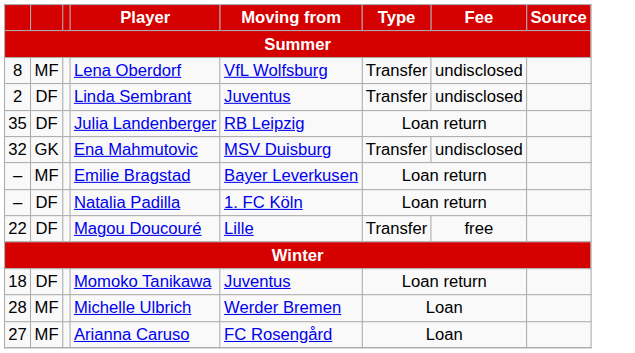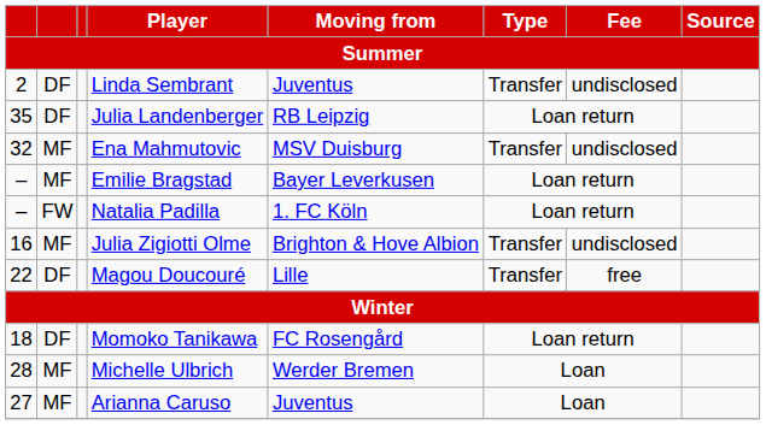 <table class="wikitable plainrowheaders sortable" style="text-align:center">
 <tr>
 <th style="background:#D50000; color:#FFFFFF; "></th>
 <th style="background:#D50000; color:#FFFFFF; "></th>
 <th style="background:#D50000; color:#FFFFFF; "></th>
 <th style="background:#D50000; color:#FFFFFF; ">Player</th>
 <th style="background:#D50000; color:#FFFFFF; ">Moving from</th>
 <th style="background:#D50000; color:#FFFFFF; ">Type</th>
 <th style="background:#D50000; color:#FFFFFF; ">Fee</th>
 <th style="background:#D50000; color:#FFFFFF; ">Source</th>
 </tr>
 <tr>
 <th colspan=8 style="background:#D50000; color:#FFFFFF; ">Summer</th>
-</tr>
-<tr>
-<td>8</td>
-<td>MF</td>
-<td></td>
-<td align="left"><a href='#'>Lena Oberdorf</a></td>
-<td align="left"> <a href='#'>VfL Wolfsburg</a></td>
-<td>Transfer</td>
-<td>undisclosed</td>
-<td></td>
 </tr>
 <tr>
 <td>2</td>
 <td>DF</td>
 <td></td>
 <td align="left"><a href='#'>Linda Sembrant</a></td>
 <td align="left"> <a href='#'>Juventus</a></td>
 <td>Transfer</td>
 <td>undisclosed</td>
 <td></td>
 </tr>
 <tr>
 <td>35</td>
 <td>DF</td>
 <td></td>
 <td align="left"><a href='#'>Julia Landenberger</a></td>
 <td align="left"> <a href='#'>RB Leipzig</a></td>
 <td colspan=2>Loan return</td>
 <td></td>
 </tr>
 <tr>
 <td>32</td>
-<td>GK</td>
+<td>MF</td>
 <td></td>
 <td align="left"><a href='#'>Ena Mahmutovic</a></td>
 <td align="left"> <a href='#'>MSV Duisburg</a></td>
 <td>Transfer</td>
 <td>undisclosed</td>
 <td></td>
 </tr>
 <tr>
 <td>–</td>
 <td>MF</td>
 <td></td>
 <td align="left"><a href='#'>Emilie Bragstad</a></td>
 <td align="left"> <a href='#'>Bayer Leverkusen</a></td>
 <td colspan=2>Loan return</td>
 <td></td>
 </tr>
 <tr>
 <td>–</td>
-<td>DF</td>
+<td>FW</td>
 <td></td>
 <td align="left"><a href='#'>Natalia Padilla</a></td>
 <td align="left"> <a href='#'>1. FC Köln</a></td>
 <td colspan=2>Loan return</td>
+<td></td>
+</tr>
+<tr>
+<td>16</td>
+<td>MF</td>
+<td></td>
+<td align="left"><a href='#'>Julia Zigiotti Olme</a></td>
+<td align="left"> <a href='#'>Brighton & Hove Albion</a></td>
+<td>Transfer</td>
+<td>undisclosed</td>
 <td></td>
 </tr>
 <tr>
 <td>22</td>
 <td>DF</td>
 <td></td>
 <td align="left"><a href='#'>Magou Doucouré</a></td>
 <td align="left"> <a href='#'>Lille</a></td>
 <td>Transfer</td>
 <td>free</td>
 <td></td>
 </tr>
 <tr>
 <th colspan=8 style="background:#D50000; color:#FFFFFF; ">Winter</th>
 </tr>
 <tr>
 <td>18</td>
 <td>DF</td>
 <td></td>
 <td align="left"><a href='#'>Momoko Tanikawa</a></td>
-<td align="left"> <a href='#'>Juventus</a></td>
+<td align="left"> <a href='#'>FC Rosengård</a></td>
 <td colspan=2>Loan return</td>
 <td></td>
 </tr>
 <tr>
 <td>28</td>
 <td>MF</td>
 <td></td>
 <td align="left"><a href='#'>Michelle Ulbrich</a></td>
 <td align="left"> <a href='#'>Werder Bremen</a></td>
 <td colspan=2>Loan</td>
 <td></td>
 </tr>
 <tr>
 <td>27</td>
 <td>MF</td>
 <td></td>
 <td align="left"><a href='#'>Arianna Caruso</a></td>
-<td align="left"> <a href='#'>FC Rosengård</a></td>
+<td align="left"> <a href='#'>Juventus</a></td>
 <td colspan=2>Loan</td>
 <td></td>
 </tr>
 <tr>
 </tr>
 </table>
